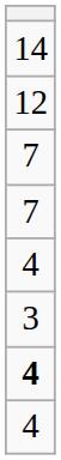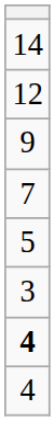 <table class="wikitable">
 <tr>
 <th></th>
 </tr>
 <tr>
 <td style="text-align:center;">14</td>
 </tr>
 <tr>
 <td style="text-align:center;">12</td>
 </tr>
 <tr>
-<td style="text-align:center;">7</td>
+<td style="text-align:center;">9</td>
 </tr>
 <tr>
 <td style="text-align:center;">7</td>
 </tr>
 <tr>
-<td style="text-align:center;">4</td>
+<td style="text-align:center;">5</td>
 </tr>
 <tr>
 <td style="text-align:center;">3</td>
 </tr>
 <tr>
 <td style="text-align:center;"><strong>4</strong></td>
 </tr>
 <tr>
 <td style="text-align:center;">4</td>
 </tr>
 </table>
